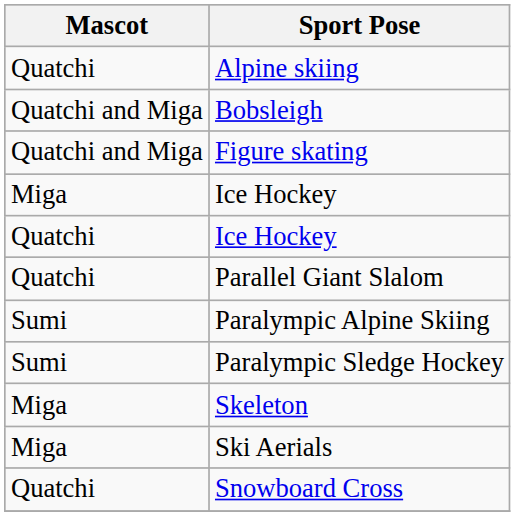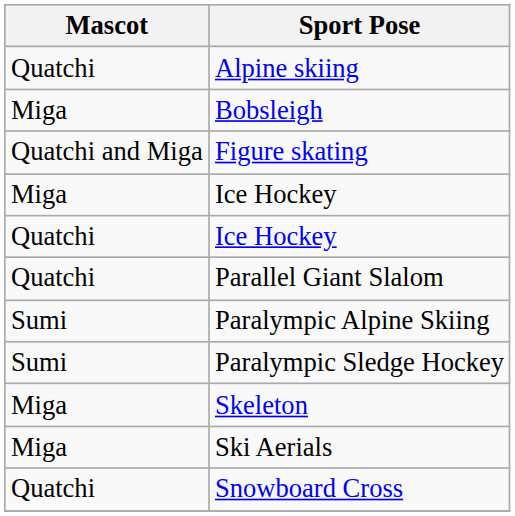 <table class="wikitable">
 <tr>
 <th>Mascot</th>
 <th>Sport Pose</th>
 </tr>
 <tr>
 <td>Quatchi</td>
 <td><a href='#'>Alpine skiing</a></td>
 </tr>
 <tr>
-<td>Quatchi and Miga</td>
+<td>Miga</td>
 <td><a href='#'>Bobsleigh</a></td>
 </tr>
 <tr>
 <td>Quatchi and Miga</td>
 <td><a href='#'>Figure skating</a></td>
 </tr>
 <tr>
 <td>Miga</td>
 <td>Ice Hockey</td>
 </tr>
 <tr>
 <td>Quatchi</td>
 <td><a href='#'>Ice Hockey</a></td>
 </tr>
 <tr>
 <td>Quatchi</td>
 <td>Parallel Giant Slalom</td>
 </tr>
 <tr>
 <td>Sumi</td>
 <td>Paralympic Alpine Skiing</td>
 </tr>
 <tr>
 <td>Sumi</td>
 <td>Paralympic Sledge Hockey</td>
 </tr>
 <tr>
 <td>Miga</td>
 <td><a href='#'>Skeleton</a></td>
 </tr>
 <tr>
 <td>Miga</td>
 <td>Ski Aerials</td>
 </tr>
 <tr>
 <td>Quatchi</td>
 <td><a href='#'>Snowboard Cross</a></td>
 </tr>
 <tr>
 </tr>
 </table>
